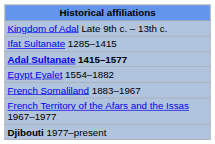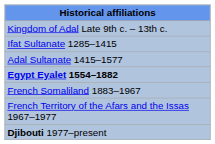 <table class="wikitable" style="background-color:LightSteelBlue; width:21em; font-size:90%; float:left; margin-left:1em">
 <tr>
 <th style="background-color:CornflowerBlue">Historical affiliations</th>
 </tr>
 <tr>
 <td><a href='#'>Kingdom of Adal</a> Late 9th c. – 13th c.</td>
 </tr>
 <tr>
 <td><a href='#'>Ifat Sultanate</a> 1285–1415</td>
 </tr>
 <tr>
-<td><strong><a href='#'>Adal Sultanate</a> 1415–1577</strong></td>
+<td><a href='#'>Adal Sultanate</a> 1415–1577</td>
 </tr>
 <tr>
-<td><a href='#'>Egypt Eyalet</a> 1554–1882</td>
+<td><strong><a href='#'>Egypt Eyalet</a> 1554–1882</strong></td>
 </tr>
 <tr>
 <td> <a href='#'>French Somaliland</a> 1883–1967</td>
 </tr>
 <tr>
 <td> <a href='#'>French Territory of the Afars and the Issas</a> 1967–1977</td>
 </tr>
 <tr>
 <td> <strong>Djibouti</strong> 1977–present</td>
 </tr>
 </table>
